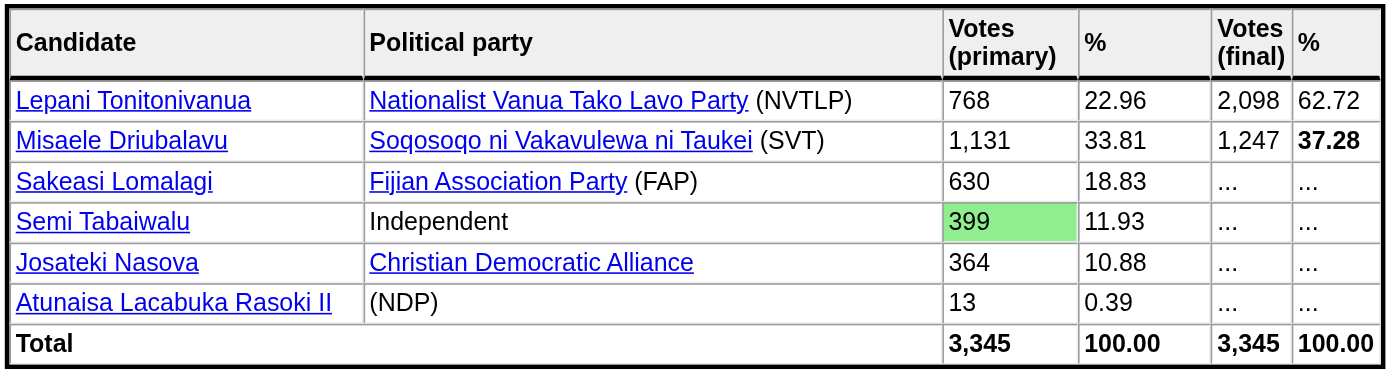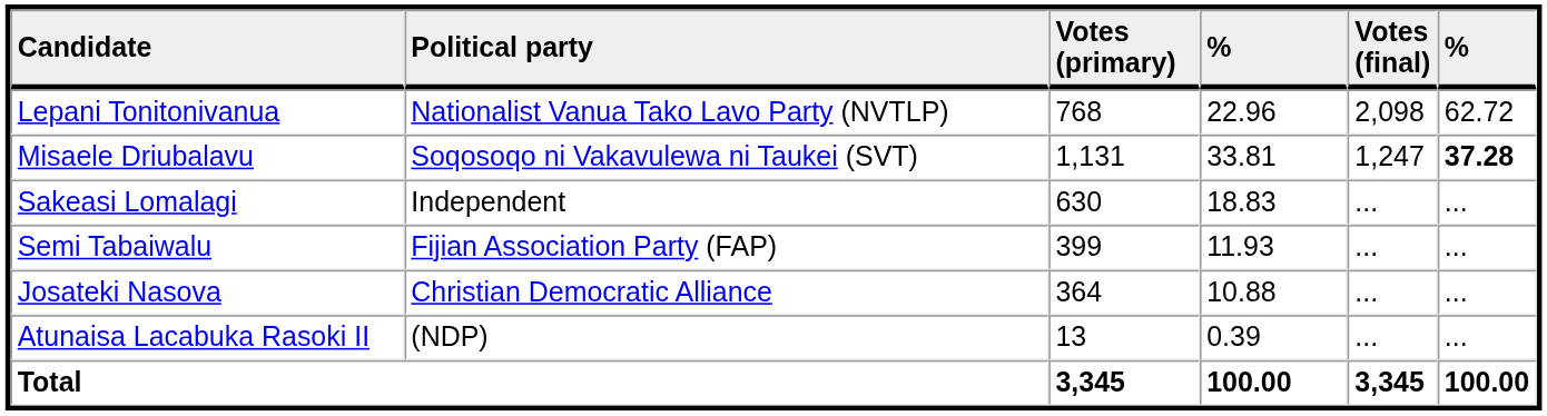 <table table width="70%" border="1" align="center" cellpadding=3 cellspacing=0 style="margin:5px; border:3px solid;">
 <tr>
 <td td width="27%" style="border-bottom:3px solid; background:#efefef;"><strong>Candidate</strong></td>
 <td td width="45%" style="border-bottom:3px solid; background:#efefef;"><strong>Political party</strong></td>
 <td td width="10%" style="border-bottom:3px solid; background:#efefef;"><strong>Votes<br>(primary)</strong></td>
 <td td width="10%" style="border-bottom:3px solid; background:#efefef;"><strong>%</strong></td>
 <td td width="4%" style="border-bottom:3px solid; background:#efefef;"><strong>Votes<br>(final)</strong></td>
 <td td width="4%" style="border-bottom:3px solid; background:#efefef;"><strong>%</strong></td>
 </tr>
 <tr>
 <td><a href='#'>Lepani Tonitonivanua</a></td>
 <td><a href='#'>Nationalist Vanua Tako Lavo Party</a> (NVTLP)</td>
 <td>768</td>
 <td>22.96</td>
 <td>2,098</td>
 <td>62.72</td>
 </tr>
 <tr>
 <td><a href='#'>Misaele Driubalavu</a></td>
 <td><a href='#'>Soqosoqo ni Vakavulewa ni Taukei</a> (SVT)</td>
 <td>1,131</td>
 <td>33.81</td>
 <td>1,247</td>
 <td><strong>37.28</strong></td>
 </tr>
 <tr>
 <td><a href='#'>Sakeasi Lomalagi</a></td>
-<td><a href='#'>Fijian Association Party</a> (FAP)</td>
+<td>Independent</td>
 <td>630</td>
 <td>18.83</td>
 <td>...</td>
 <td>...</td>
 </tr>
 <tr>
 <td><a href='#'>Semi Tabaiwalu</a></td>
-<td>Independent</td>
-<td style="background: lightgreen;">399</td>
+<td><a href='#'>Fijian Association Party</a> (FAP)</td>
+<td>399</td>
 <td>11.93</td>
 <td>...</td>
 <td>...</td>
 </tr>
 <tr>
 <td><a href='#'>Josateki Nasova</a></td>
 <td><a href='#'>Christian Democratic Alliance</a></td>
 <td>364</td>
 <td>10.88</td>
 <td>...</td>
 <td>...</td>
 </tr>
 <tr>
 <td><a href='#'>Atunaisa Lacabuka Rasoki II</a></td>
 <td>(NDP)</td>
 <td>13</td>
 <td>0.39</td>
 <td>...</td>
 <td>...</td>
 </tr>
 <tr>
 <td colspan=2><strong>Total</strong></td>
 <td><strong>3,345</strong></td>
 <td><strong>100.00</strong></td>
 <td><strong>3,345</strong></td>
 <td><strong>100.00</strong></td>
 </tr>
 <tr>
 </tr>
 </table>
